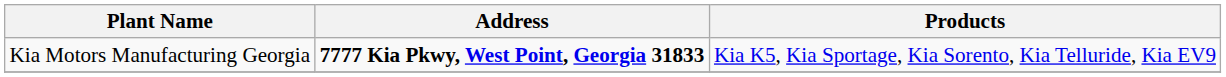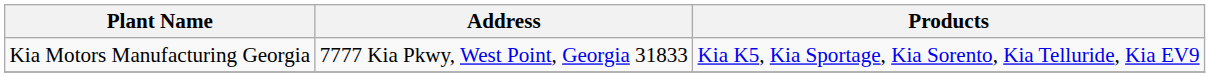 <table class="wikitable">
 <tr>
 <th>Plant Name</th>
 <th>Address</th>
 <th>Products</th>
 </tr>
 <tr --->
 <td>Kia Motors Manufacturing Georgia</td>
-<td><strong>7777 Kia Pkwy, <a href='#'>West Point</a>, <a href='#'>Georgia</a> 31833</strong></td>
+<td>7777 Kia Pkwy, <a href='#'>West Point</a>, <a href='#'>Georgia</a> 31833</td>
 <td><a href='#'>Kia K5</a>, <a href='#'>Kia Sportage</a>, <a href='#'>Kia Sorento</a>, <a href='#'>Kia Telluride</a>, <a href='#'>Kia EV9</a></td>
 </tr>
 <tr --->
 </tr>
 <tr --->
 </tr>
 </table>
